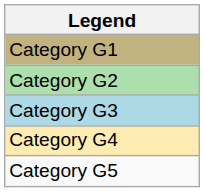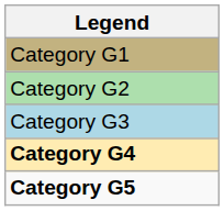 <table class="wikitable" style="font-size:85%;" width=11%>
 <tr>
 <th>Legend</th>
 </tr>
 <tr bgcolor=#C2B280>
 <td>Category G1</td>
 </tr>
 <tr bgcolor="#ADDFAD">
 <td>Category G2</td>
 </tr>
 <tr bgcolor="lightblue">
 <td>Category G3</td>
 </tr>
 <tr bgcolor=#ffecb2>
-<td>Category G4</td>
+<td><strong>Category G4</strong></td>
 </tr>
 <tr>
-<td>Category G5</td>
+<td><strong>Category G5</strong></td>
 </tr>
 </table>
